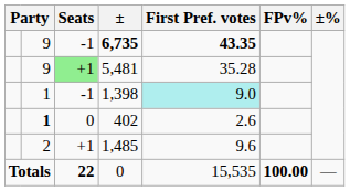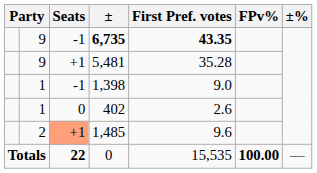 <table class=wikitable>
 <tr>
 <th colspan=2 align=center>Party</th>
 <th valign=top>Seats</th>
 <th valign=top>±</th>
 <th valign=top>First Pref. votes</th>
 <th valign=top>FPv%</th>
 <th valign=top>±%</th>
 </tr>
 <tr>
 <td></td>
 <td align=right>9</td>
 <td align=right>-1</td>
 <td align=right><strong>6,735</strong></td>
 <td align=right><strong>43.35</strong></td>
 <td align=right></td>
 </tr>
 <tr>
 <td></td>
 <td align=right>9</td>
-<td align=right style="background: lightgreen;">+1</td>
+<td align=right>+1</td>
 <td align=right>5,481</td>
 <td align=right>35.28</td>
 <td align=right></td>
 </tr>
 <tr>
 <td></td>
 <td align=right>1</td>
 <td align=right>-1</td>
 <td align=right>1,398</td>
-<td align=right style="background: paleturquoise;">9.0</td>
+<td align=right>9.0</td>
 <td align=right></td>
 </tr>
 <tr>
 <td></td>
-<td align=right><strong>1</strong></td>
+<td align=right>1</td>
 <td align=right>0</td>
 <td align=right>402</td>
 <td align=right>2.6</td>
 <td align=right></td>
 </tr>
 <tr>
 <td></td>
 <td align=right>2</td>
-<td align=right>+1</td>
+<td align=right style="background: lightsalmon;">+1</td>
 <td align=right>1,485</td>
 <td align=right>9.6</td>
 <td align=right></td>
 </tr>
 <tr>
 <td colspan=2 align=center><strong>Totals</strong></td>
 <td align=right><strong>22</strong></td>
 <td align=center>0</td>
 <td align=right>15,535</td>
 <td align=center><strong>100.00</strong></td>
 <td align=center>—</td>
 </tr>
 </table>
